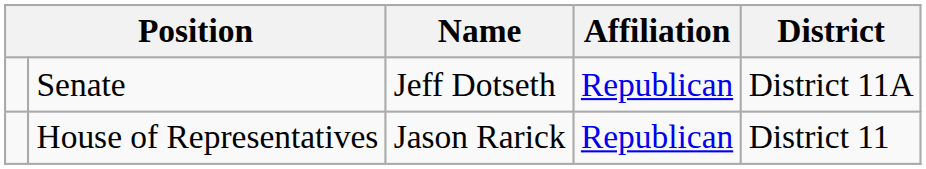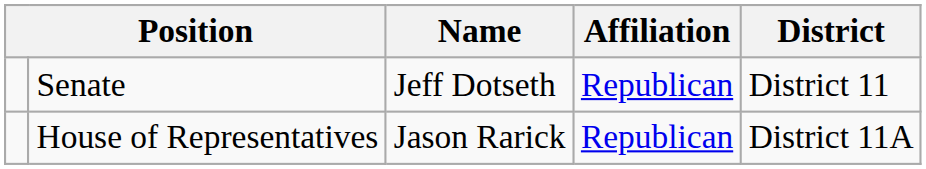 <table class="wikitable">
 <tr>
 <th colspan="2">Position</th>
 <th>Name</th>
 <th>Affiliation</th>
 <th>District</th>
 </tr>
 <tr>
 <td style="background-color:"> </td>
 <td>Senate</td>
 <td>Jeff Dotseth</td>
 <td><a href='#'>Republican</a></td>
-<td>District 11A</td>
+<td>District 11</td>
 </tr>
 <tr>
 <td style="background-color:"> </td>
 <td>House of Representatives</td>
 <td>Jason Rarick</td>
 <td><a href='#'>Republican</a></td>
-<td>District 11</td>
+<td>District 11A</td>
 </tr>
 </table>
